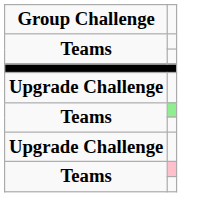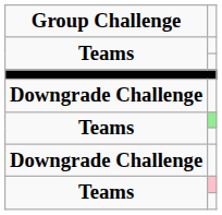 <table class="wikitable" style="text-align:center;">
 <tr>
 <td><strong>Group Challenge</strong></td>
 <td></td>
 </tr>
 <tr>
 <td rowspan="2"><strong>Teams</strong></td>
 <td></td>
 </tr>
 <tr>
 <td></td>
 </tr>
 <tr>
 <td colspan="2" style="background:black;"></td>
 </tr>
 <tr>
-<td><strong>Upgrade Challenge</strong></td>
+<td><strong>Downgrade Challenge</strong></td>
 <td></td>
 </tr>
 <tr>
 <td rowspan="2"><strong>Teams</strong></td>
 <td style="background:lightgreen;"></td>
 </tr>
 <tr>
 <td></td>
 </tr>
 <tr>
-<td><strong>Upgrade Challenge</strong></td>
+<td><strong>Downgrade Challenge</strong></td>
 <td></td>
 </tr>
 <tr>
 <td rowspan="2"><strong>Teams</strong></td>
 <td style="background:pink;"></td>
 </tr>
 <tr>
 <td></td>
 </tr>
 </table>
